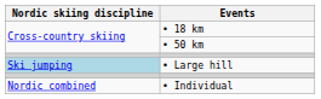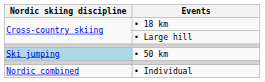 <table class="wikitable">
 <tr>
 <th width=200!>Nordic skiing discipline</th>
 <th width=200!>Events</th>
 </tr>
 <tr>
 <td rowspan=2><a href='#'>Cross-country skiing</a></td>
 <td>• 18 km</td>
 </tr>
 <tr>
-<td>• 50 km</td>
+<td>• Large hill</td>
 </tr>
 <tr bgcolor=lightgray>
 <td></td>
 <td></td>
 </tr>
 <tr>
 <td style="background: lightblue;"><a href='#'>Ski jumping</a></td>
-<td>• Large hill</td>
+<td>• 50 km</td>
 </tr>
 <tr bgcolor=lightgray>
 <td></td>
 <td></td>
 </tr>
 <tr>
 <td><a href='#'>Nordic combined</a></td>
 <td>• Individual</td>
 </tr>
 </table>
